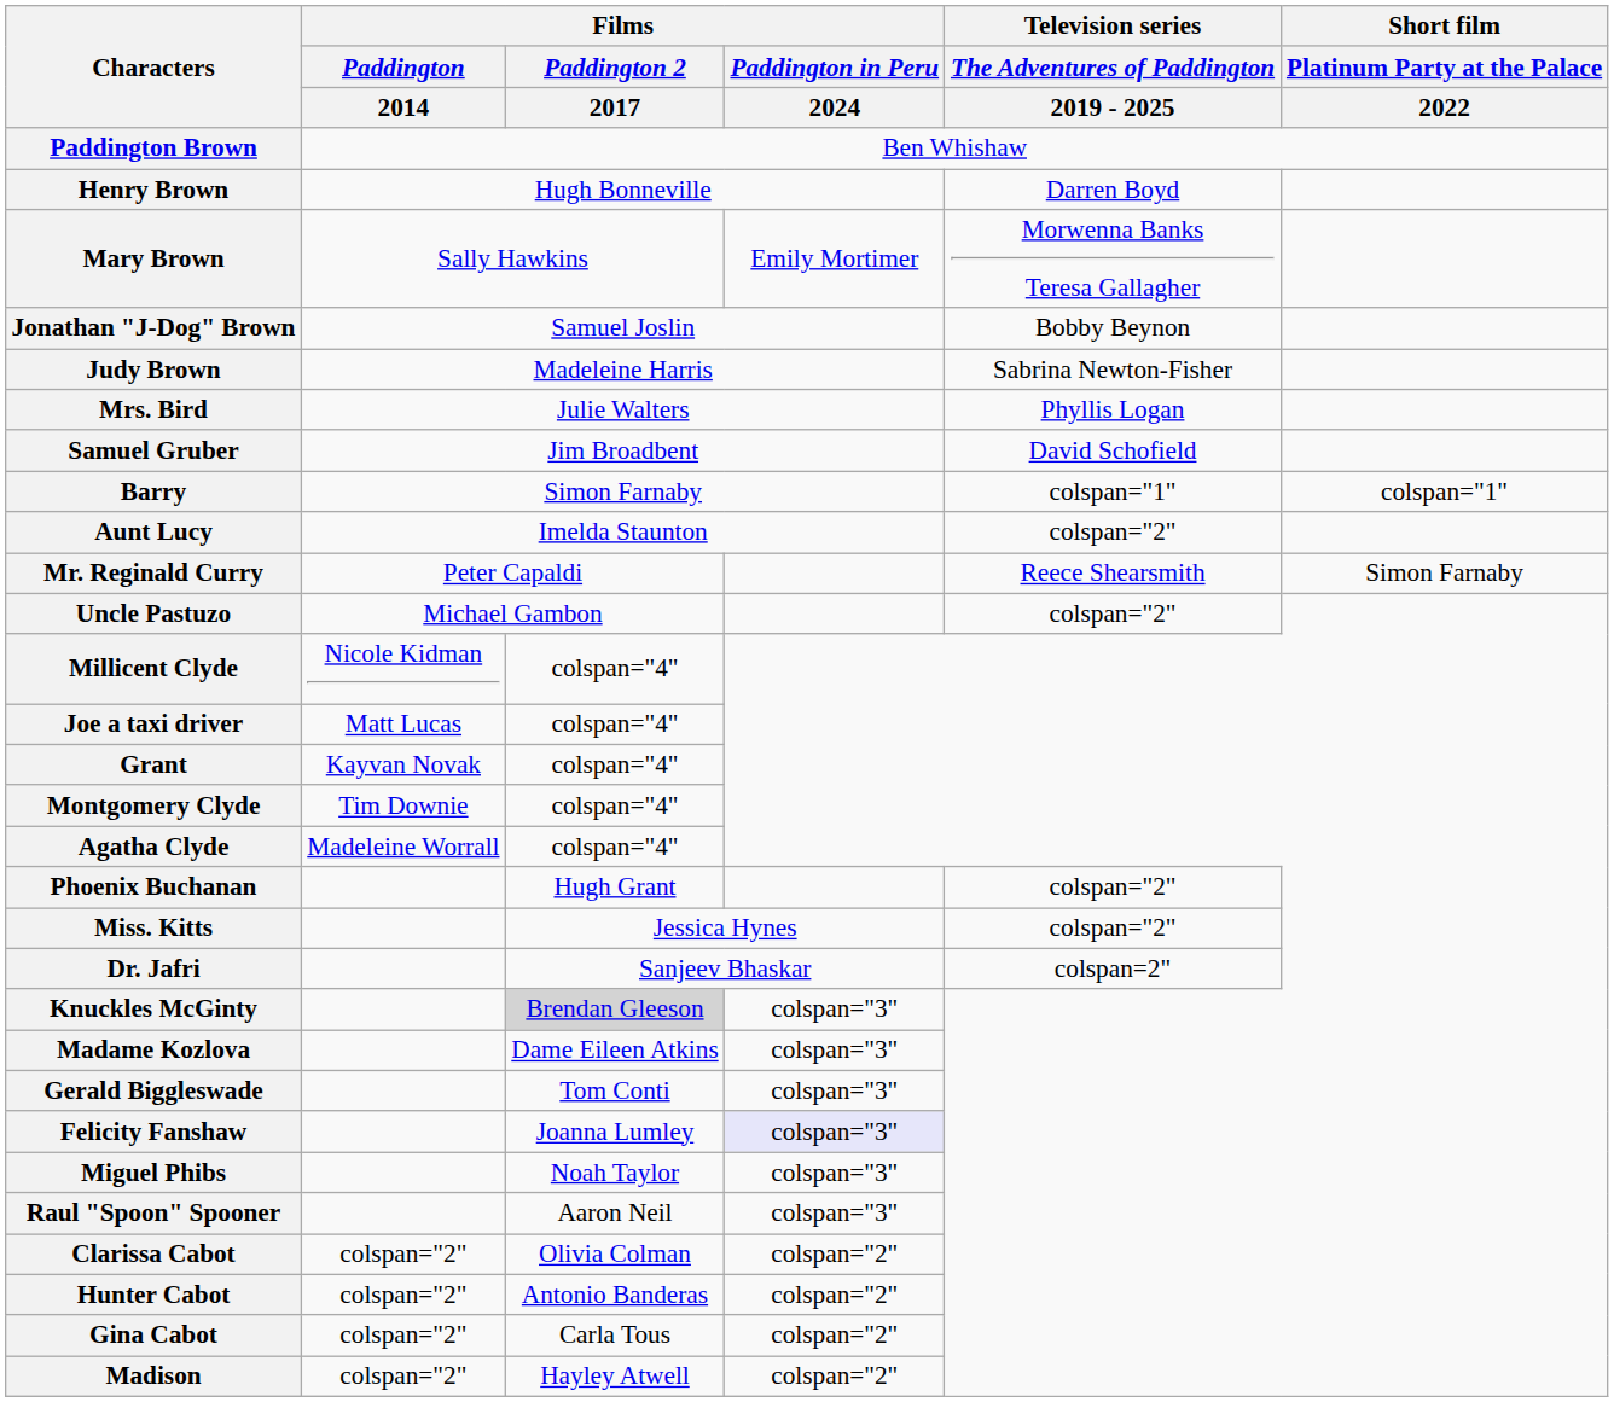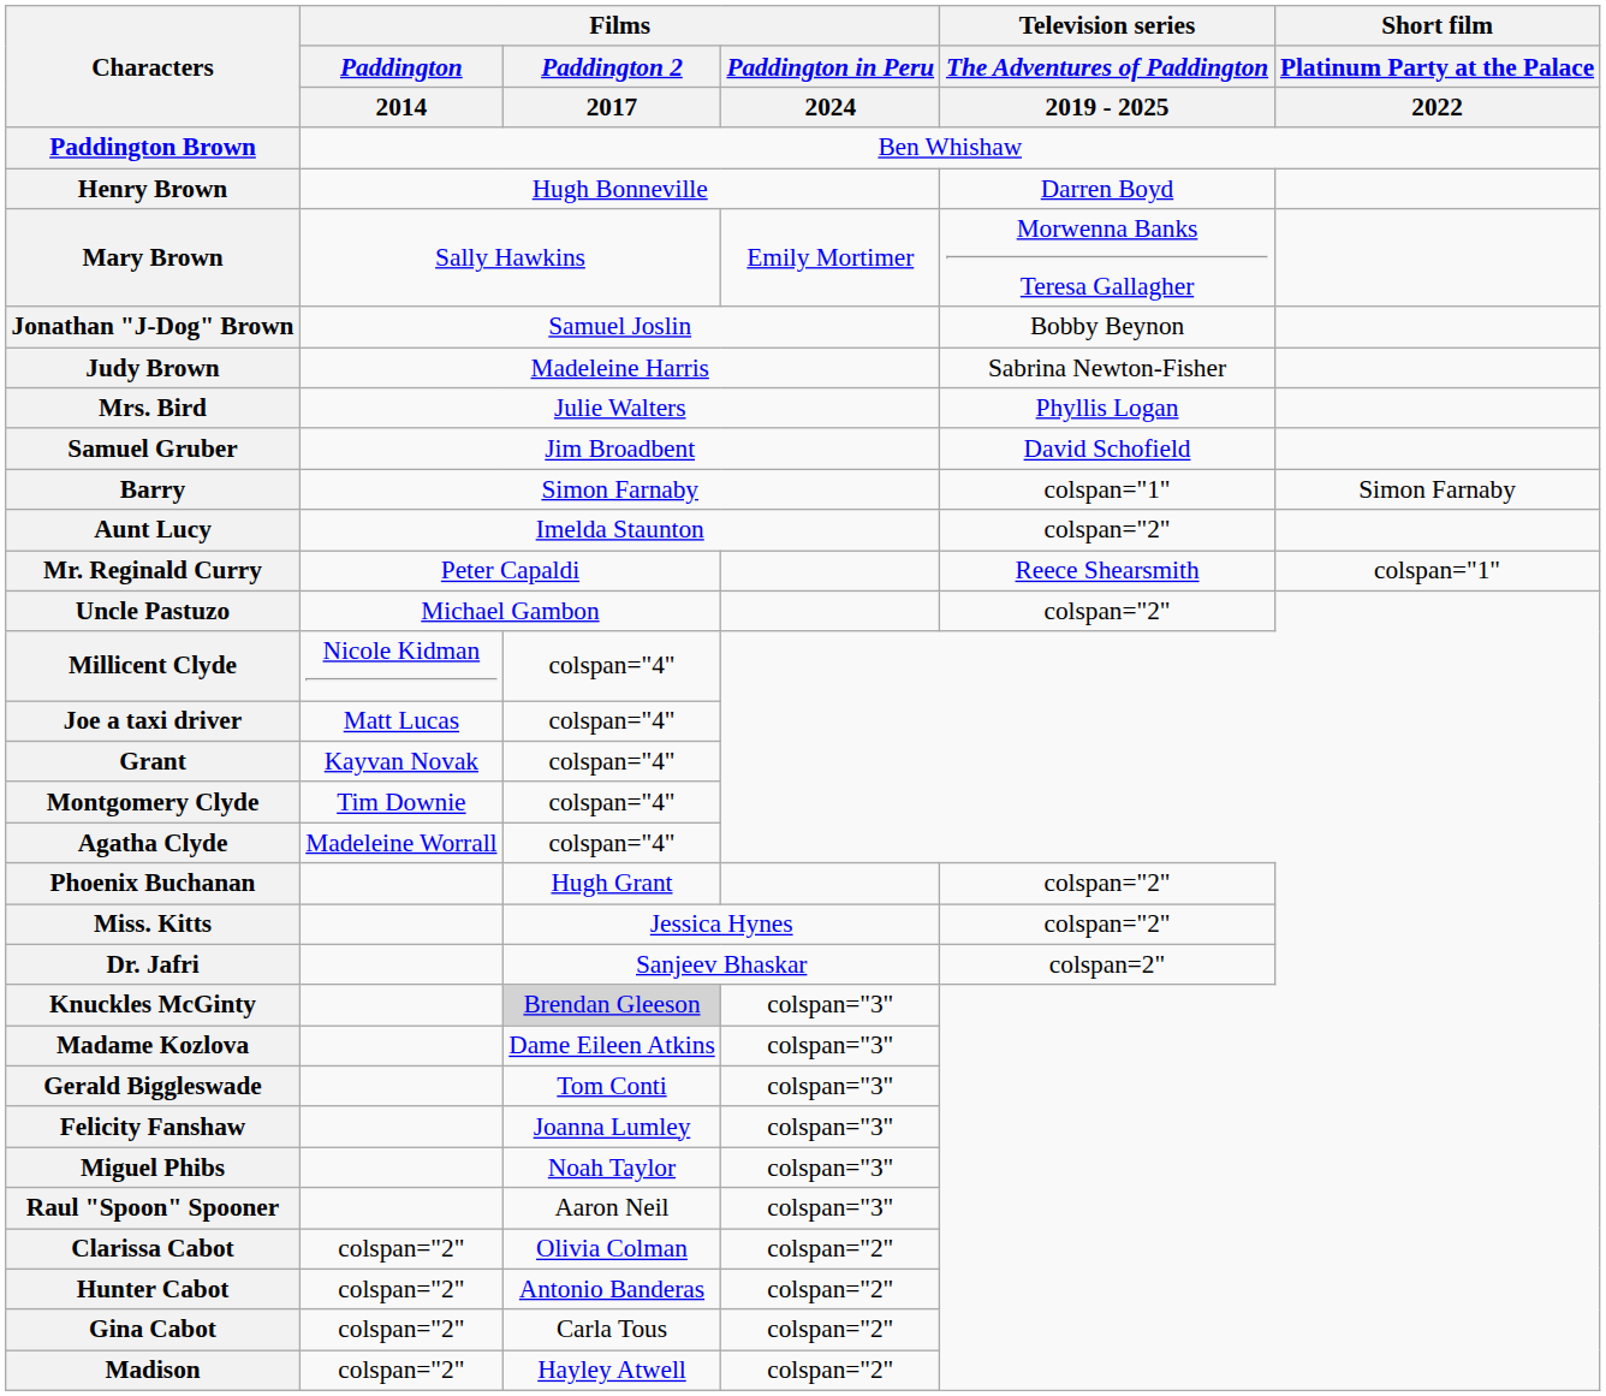 <table class="wikitable plainrowheaders" style="text-align:center;">
 <tr>
 <th rowspan="3">Characters</th>
 <th colspan="3">Films</th>
 <th>Television series</th>
 <th>Short film</th>
 </tr>
 <tr>
 <th><em><a href='#'>Paddington</a></em></th>
 <th><em><a href='#'>Paddington 2</a></em></th>
 <th><em><a href='#'>Paddington in Peru</a></em></th>
 <th><em><a href='#'>The Adventures of Paddington</a></em></th>
 <th><a href='#'>Platinum Party at the Palace</a></th>
 </tr>
 <tr>
 <th>2014</th>
 <th>2017</th>
 <th>2024</th>
 <th>2019 - 2025</th>
 <th>2022</th>
 </tr>
 <tr>
 <th><a href='#'>Paddington Brown</a></th>
 <td colspan="5"><a href='#'>Ben Whishaw</a></td>
 </tr>
 <tr>
 <th>Henry Brown</th>
 <td colspan="3"><a href='#'>Hugh Bonneville</a></td>
 <td><a href='#'>Darren Boyd</a></td>
 <td></td>
 </tr>
 <tr>
 <th>Mary Brown</th>
 <td colspan="2"><a href='#'>Sally Hawkins</a></td>
 <td><a href='#'>Emily Mortimer</a></td>
 <td><a href='#'>Morwenna Banks</a><hr><a href='#'>Teresa Gallagher</a></td>
 <td></td>
 </tr>
 <tr>
 <th>Jonathan "J-Dog" Brown</th>
 <td colspan="3"><a href='#'>Samuel Joslin</a></td>
 <td>Bobby Beynon</td>
 <td></td>
 </tr>
 <tr>
 <th>Judy Brown</th>
 <td colspan="3"><a href='#'>Madeleine Harris</a></td>
 <td>Sabrina Newton-Fisher</td>
 <td></td>
 </tr>
 <tr>
 <th>Mrs. Bird</th>
 <td colspan="3"><a href='#'>Julie Walters</a></td>
 <td><a href='#'>Phyllis Logan</a></td>
 <td></td>
 </tr>
 <tr>
 <th>Samuel Gruber</th>
 <td colspan="3"><a href='#'>Jim Broadbent</a></td>
 <td><a href='#'>David Schofield</a></td>
 <td></td>
 </tr>
 <tr>
 <th>Barry</th>
 <td colspan="3"><a href='#'>Simon Farnaby</a></td>
 <td>colspan="1" </td>
-<td>colspan="1" </td>
+<td colspan="1">Simon Farnaby</td>
 </tr>
 <tr>
 <th>Aunt Lucy</th>
 <td colspan="3"><a href='#'>Imelda Staunton</a></td>
 <td>colspan="2" </td>
 </tr>
 <tr>
 <th>Mr. Reginald Curry</th>
 <td colspan="2"><a href='#'>Peter Capaldi</a></td>
 <td></td>
 <td><a href='#'>Reece Shearsmith</a></td>
-<td colspan="1">Simon Farnaby</td>
+<td>colspan="1" </td>
 </tr>
 <tr>
 <th>Uncle Pastuzo</th>
 <td colspan="2"><a href='#'>Michael Gambon</a></td>
 <td></td>
 <td>colspan="2" </td>
 </tr>
 <tr>
 <th>Millicent Clyde</th>
 <td><a href='#'>Nicole Kidman</a><hr></td>
 <td>colspan="4" </td>
 </tr>
 <tr>
 <th>Joe a taxi driver</th>
 <td><a href='#'>Matt Lucas</a></td>
 <td>colspan="4" </td>
 </tr>
 <tr>
 <th>Grant</th>
 <td><a href='#'>Kayvan Novak</a></td>
 <td>colspan="4" </td>
 </tr>
 <tr>
 <th>Montgomery Clyde</th>
 <td><a href='#'>Tim Downie</a></td>
 <td>colspan="4" </td>
 </tr>
 <tr>
 <th>Agatha Clyde</th>
 <td><a href='#'>Madeleine Worrall</a></td>
 <td>colspan="4" </td>
 </tr>
 <tr>
 <th>Phoenix Buchanan</th>
 <td></td>
 <td><a href='#'>Hugh Grant</a></td>
 <td></td>
 <td>colspan="2" </td>
 </tr>
 <tr>
 <th>Miss. Kitts</th>
 <td></td>
 <td colspan="2"><a href='#'>Jessica Hynes</a></td>
 <td>colspan="2" </td>
 </tr>
 <tr>
 <th>Dr. Jafri</th>
 <td></td>
 <td colspan="2"><a href='#'>Sanjeev Bhaskar</a></td>
 <td>colspan=2" </td>
 </tr>
 <tr>
 <th>Knuckles McGinty</th>
 <td></td>
 <td style="background: lightgrey;"><a href='#'>Brendan Gleeson</a></td>
 <td>colspan="3" </td>
 </tr>
 <tr>
 <th>Madame Kozlova</th>
 <td></td>
 <td><a href='#'>Dame Eileen Atkins</a></td>
 <td>colspan="3" </td>
 </tr>
 <tr>
 <th>Gerald Biggleswade</th>
 <td></td>
 <td><a href='#'>Tom Conti</a></td>
 <td>colspan="3" </td>
 </tr>
 <tr>
 <th>Felicity Fanshaw</th>
 <td></td>
 <td><a href='#'>Joanna Lumley</a></td>
-<td style="background: lavender;">colspan="3" </td>
+<td>colspan="3" </td>
 </tr>
 <tr>
 <th>Miguel Phibs</th>
 <td></td>
 <td><a href='#'>Noah Taylor</a></td>
 <td>colspan="3" </td>
 </tr>
 <tr>
 <th>Raul "Spoon" Spooner</th>
 <td></td>
 <td>Aaron Neil</td>
 <td>colspan="3" </td>
 </tr>
 <tr>
 <th>Clarissa Cabot<br></th>
 <td>colspan="2" </td>
 <td><a href='#'>Olivia Colman</a></td>
 <td>colspan="2" </td>
 </tr>
 <tr>
 <th>Hunter Cabot</th>
 <td>colspan="2" </td>
 <td><a href='#'>Antonio Banderas</a></td>
 <td>colspan="2" </td>
 </tr>
 <tr>
 <th>Gina Cabot</th>
 <td>colspan="2" </td>
 <td>Carla Tous</td>
 <td>colspan="2" </td>
 </tr>
 <tr>
 <th>Madison</th>
 <td>colspan="2" </td>
 <td><a href='#'>Hayley Atwell</a></td>
 <td>colspan="2" </td>
 </tr>
 <tr>
 </tr>
 </table>
